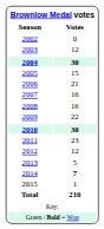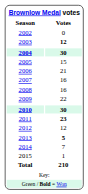 <table style="margin-right:4px; margin-top:8px; float:right; border:1px #000 solid; border-radius:8px; background:#fff; font-family:Verdana; font-size:8pt; text-align:center;">
 <tr style="background:#fff;">
 <td colspan="2;" style="padding:3px; margin-bottom:-3px; margin-top:2px; font-family:Arial; "><strong><a href='#'>Brownlow Medal</a> votes</strong></td>
 </tr>
 <tr>
 <th style="width:50%;">Season</th>
 <th style="width:50%;">Votes</th>
 </tr>
 <tr>
 <td><a href='#'>2002</a></td>
 <td>0</td>
 </tr>
 <tr>
 <td><a href='#'>2003</a></td>
-<td>12</td>
+<td><strong>12</strong></td>
 </tr>
 <tr>
 </tr>
 <tr style="background:#D9F9E9;">
 <td><strong><a href='#'>2004</a></strong></td>
 <td><strong>30</strong></td>
 </tr>
 <tr>
 <td><a href='#'>2005</a></td>
 <td>15</td>
 </tr>
 <tr>
 <td><a href='#'>2006</a></td>
 <td>21</td>
 </tr>
 <tr>
 <td><a href='#'>2007</a></td>
 <td>16</td>
 </tr>
 <tr>
 <td><a href='#'>2008</a></td>
 <td>16</td>
 </tr>
 <tr>
 <td><a href='#'>2009</a></td>
 <td>22</td>
 </tr>
 <tr>
 </tr>
 <tr style="background:#D9F9E9;">
 <td><strong><a href='#'>2010</a></strong></td>
 <td><strong>30</strong></td>
 </tr>
 <tr>
 <td><a href='#'>2011</a></td>
-<td>23</td>
+<td><strong>23</strong></td>
 </tr>
 <tr>
 <td><a href='#'>2012</a></td>
 <td>12</td>
 </tr>
 <tr>
 <td><a href='#'>2013</a></td>
-<td>5</td>
+<td><strong>5</strong></td>
 </tr>
 <tr>
 <td><a href='#'>2014</a></td>
-<td><strong>7</strong></td>
+<td>7</td>
 </tr>
 <tr>
 <td>2015</td>
 <td>1</td>
 </tr>
 <tr>
 <td><strong>Total</strong></td>
 <td><strong>210</strong></td>
 </tr>
 <tr>
 <td colspan=2><small>Key:</small></td>
 </tr>
 <tr style="background:#d9f9e9; border:1px solid #aaa; width:2em;">
 <td colspan=2><small>Green / <strong>Bold</strong> = <a href='#'>Won</a></small></td>
 </tr>
 </table>
